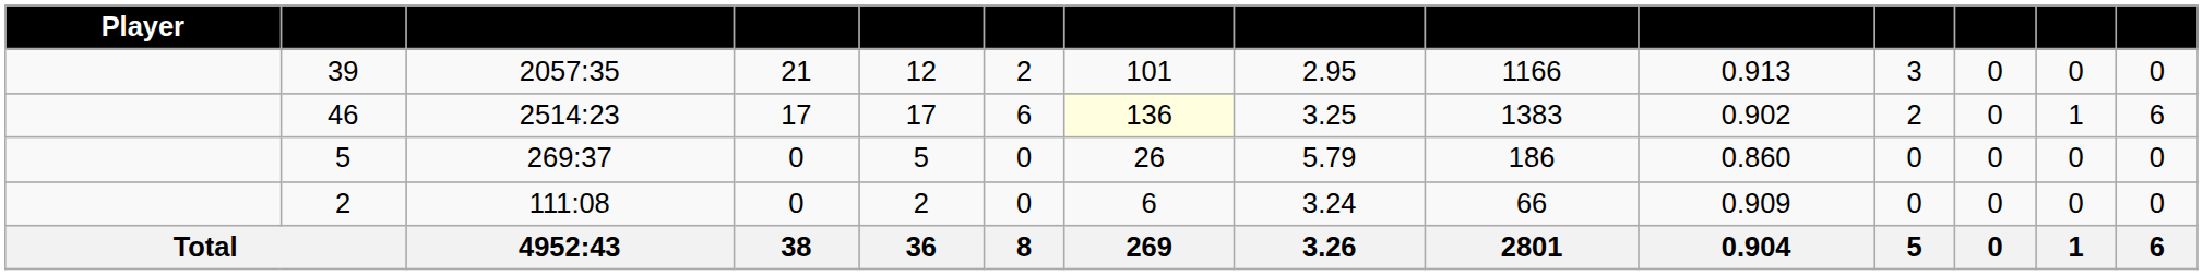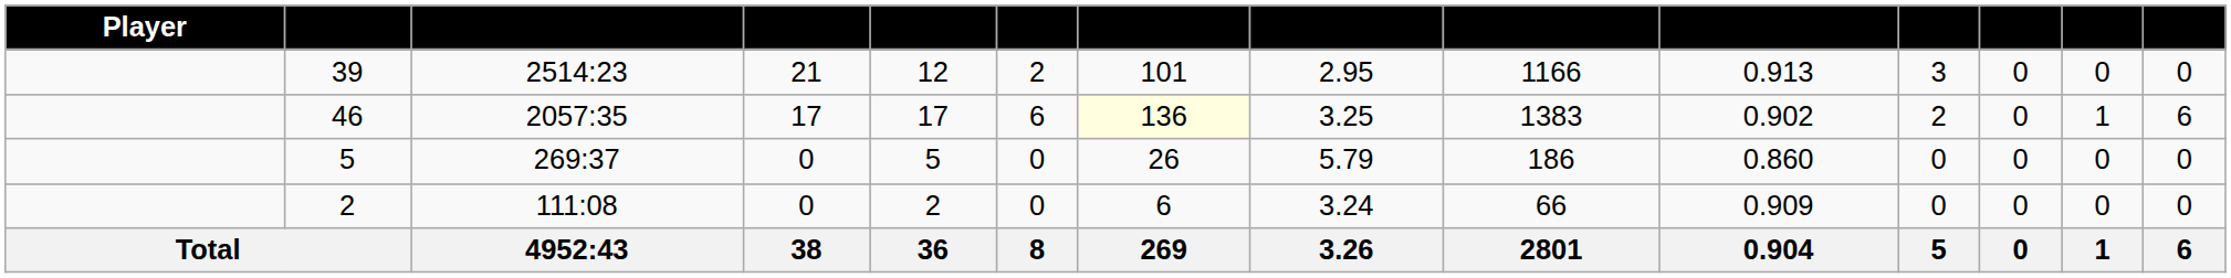 <table class="wikitable sortable" style="width:100%; text-align:center;">
 <tr>
 <th style="color:white; background:#000000; ">Player</th>
 <th style="color:white; background:#000000; "></th>
 <th style="color:white; background:#000000; "></th>
 <th style="color:white; background:#000000; "></th>
 <th style="color:white; background:#000000; "></th>
 <th style="color:white; background:#000000; "></th>
 <th style="color:white; background:#000000; "></th>
 <th style="color:white; background:#000000; "></th>
 <th style="color:white; background:#000000; "></th>
 <th style="color:white; background:#000000; "></th>
 <th style="color:white; background:#000000; "></th>
 <th style="color:white; background:#000000; "></th>
 <th style="color:white; background:#000000; "></th>
 <th style="color:white; background:#000000; "></th>
 </tr>
 <tr>
 <td></td>
 <td>39</td>
-<td>2057:35</td>
+<td>2514:23</td>
 <td>21</td>
 <td>12</td>
 <td>2</td>
 <td>101</td>
 <td>2.95</td>
 <td>1166</td>
 <td>0.913</td>
 <td>3</td>
 <td>0</td>
 <td>0</td>
 <td>0</td>
 </tr>
 <tr>
 <td></td>
 <td>46</td>
-<td>2514:23</td>
+<td>2057:35</td>
 <td>17</td>
 <td>17</td>
 <td>6</td>
 <td style="background: lightyellow;">136</td>
 <td>3.25</td>
 <td>1383</td>
 <td>0.902</td>
 <td>2</td>
 <td>0</td>
 <td>1</td>
 <td>6</td>
 </tr>
 <tr>
 <td></td>
 <td>5</td>
 <td>269:37</td>
 <td>0</td>
 <td>5</td>
 <td>0</td>
 <td>26</td>
 <td>5.79</td>
 <td>186</td>
 <td>0.860</td>
 <td>0</td>
 <td>0</td>
 <td>0</td>
 <td>0</td>
 </tr>
 <tr>
 <td></td>
 <td>2</td>
 <td>111:08</td>
 <td>0</td>
 <td>2</td>
 <td>0</td>
 <td>6</td>
 <td>3.24</td>
 <td>66</td>
 <td>0.909</td>
 <td>0</td>
 <td>0</td>
 <td>0</td>
 <td>0</td>
 </tr>
 <tr class="sortbotom">
 <th colspan=2>Total</th>
 <th>4952:43</th>
 <th>38</th>
 <th>36</th>
 <th>8</th>
 <th>269</th>
 <th>3.26</th>
 <th>2801</th>
 <th>0.904</th>
 <th>5</th>
 <th>0</th>
 <th>1</th>
 <th>6</th>
 </tr>
 </table>
